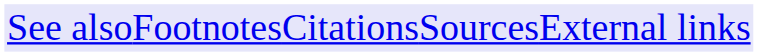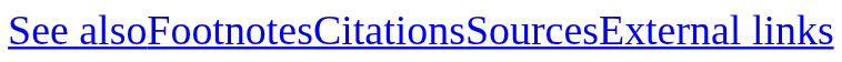 <table id="toc" class="toc" summary="Class" align="center" style="text-align:center;">
 <tr>
 <th></th>
 </tr>
 <tr>
-<td style="background: lavender;"><a href='#'>See also</a><a href='#'>Footnotes</a><a href='#'>Citations</a><a href='#'>Sources</a><a href='#'>External links</a></td>
+<td><a href='#'>See also</a><a href='#'>Footnotes</a><a href='#'>Citations</a><a href='#'>Sources</a><a href='#'>External links</a></td>
 </tr>
 </table>
